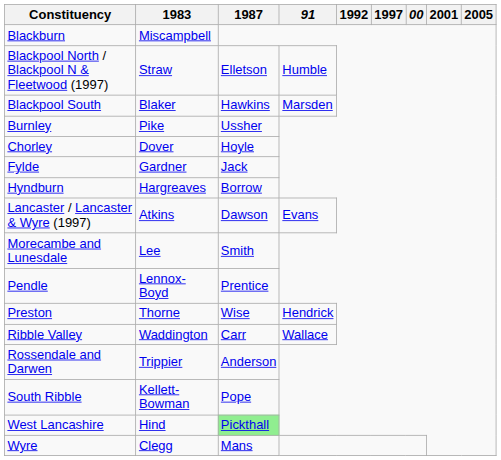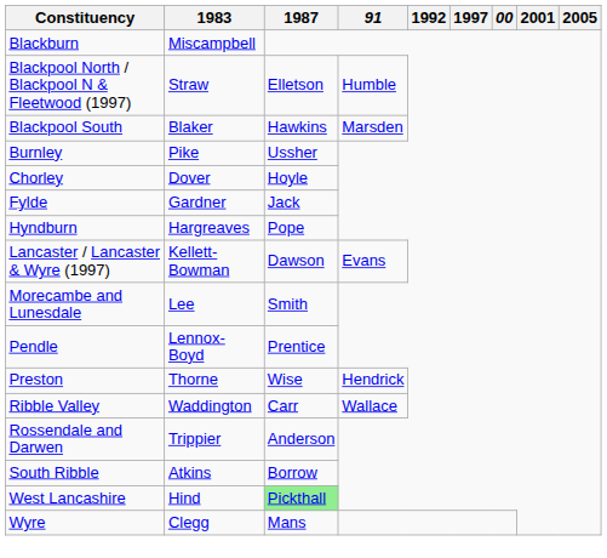 <table class="wikitable">
 <tr>
 <th>Constituency</th>
 <th>1983</th>
 <th>1987</th>
 <th><em>91</em></th>
 <th>1992</th>
 <th>1997</th>
 <th><em>00</em></th>
 <th>2001</th>
 <th>2005</th>
 </tr>
 <tr>
 <td><a href='#'>Blackburn</a></td>
 <td><a href='#'>Miscampbell</a></td>
 </tr>
 <tr>
 <td><a href='#'>Blackpool North</a> / <a href='#'>Blackpool N & Fleetwood</a> (1997)</td>
 <td><a href='#'>Straw</a></td>
 <td><a href='#'>Elletson</a></td>
 <td><a href='#'>Humble</a></td>
 </tr>
 <tr>
 <td><a href='#'>Blackpool South</a></td>
 <td><a href='#'>Blaker</a></td>
 <td><a href='#'>Hawkins</a></td>
 <td><a href='#'>Marsden</a></td>
 </tr>
 <tr>
 <td><a href='#'>Burnley</a></td>
 <td><a href='#'>Pike</a></td>
 <td><a href='#'>Ussher</a></td>
 </tr>
 <tr>
 <td><a href='#'>Chorley</a></td>
 <td><a href='#'>Dover</a></td>
 <td><a href='#'>Hoyle</a></td>
 </tr>
 <tr>
 <td><a href='#'>Fylde</a></td>
 <td><a href='#'>Gardner</a></td>
 <td><a href='#'>Jack</a></td>
 </tr>
 <tr>
 <td><a href='#'>Hyndburn</a></td>
 <td><a href='#'>Hargreaves</a></td>
-<td><a href='#'>Borrow</a></td>
+<td><a href='#'>Pope</a></td>
 </tr>
 <tr>
 <td><a href='#'>Lancaster</a> / <a href='#'>Lancaster & Wyre</a> (1997)</td>
-<td><a href='#'>Atkins</a></td>
+<td><a href='#'>Kellett-Bowman</a></td>
 <td><a href='#'>Dawson</a></td>
 <td><a href='#'>Evans</a></td>
 </tr>
 <tr>
 <td><a href='#'>Morecambe and Lunesdale</a></td>
 <td><a href='#'>Lee</a></td>
 <td><a href='#'>Smith</a></td>
 </tr>
 <tr>
 <td><a href='#'>Pendle</a></td>
 <td><a href='#'>Lennox-Boyd</a></td>
 <td><a href='#'>Prentice</a></td>
 </tr>
 <tr>
 <td><a href='#'>Preston</a></td>
 <td><a href='#'>Thorne</a></td>
 <td><a href='#'>Wise</a></td>
 <td><a href='#'>Hendrick</a></td>
 </tr>
 <tr>
 <td><a href='#'>Ribble Valley</a></td>
 <td><a href='#'>Waddington</a></td>
 <td><a href='#'>Carr</a></td>
 <td><a href='#'>Wallace</a></td>
 </tr>
 <tr>
 <td><a href='#'>Rossendale and Darwen</a></td>
 <td><a href='#'>Trippier</a></td>
 <td><a href='#'>Anderson</a></td>
 </tr>
 <tr>
 <td><a href='#'>South Ribble</a></td>
-<td><a href='#'>Kellett-Bowman</a></td>
-<td><a href='#'>Pope</a></td>
+<td><a href='#'>Atkins</a></td>
+<td><a href='#'>Borrow</a></td>
 </tr>
 <tr>
 <td><a href='#'>West Lancashire</a></td>
 <td><a href='#'>Hind</a></td>
 <td style="background: lightgreen;"><a href='#'>Pickthall</a></td>
 </tr>
 <tr>
 <td><a href='#'>Wyre</a></td>
 <td><a href='#'>Clegg</a></td>
 <td><a href='#'>Mans</a></td>
 <td colspan="4"></td>
 </tr>
 </table>
